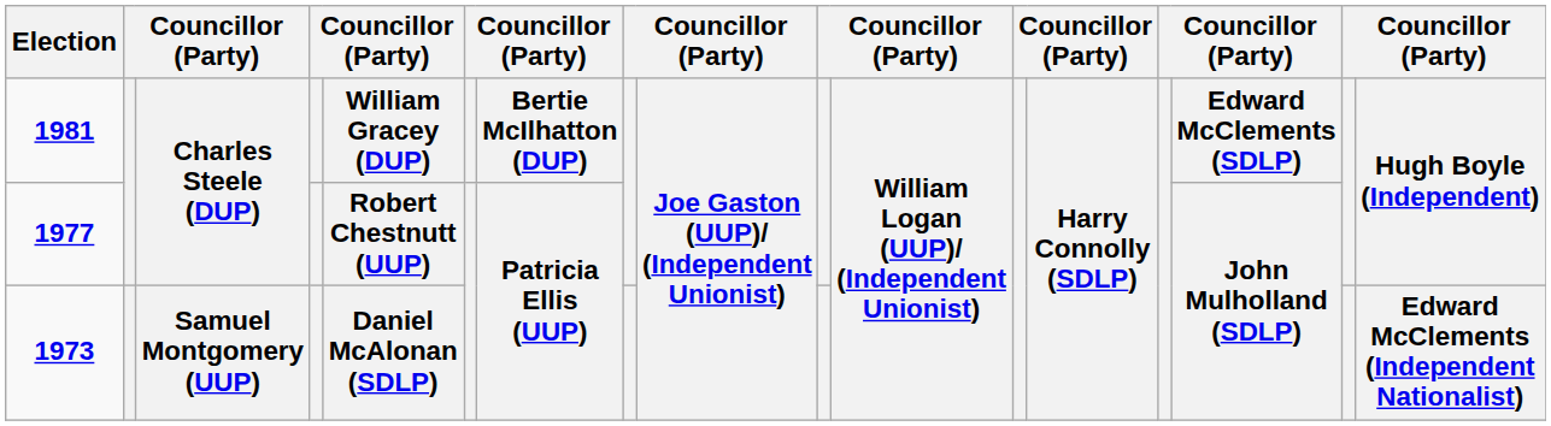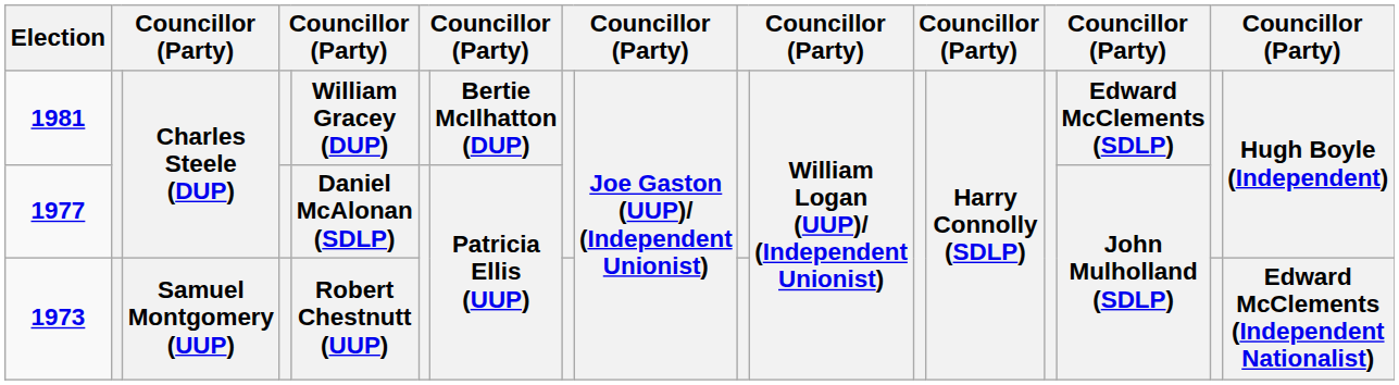 <table class="wikitable" style="text-align:center">
 <tr>
 <th scope="col" width="50">Election</th>
 <th scope="col" width="150" colspan = "2">Councillor<br> (Party)</th>
 <th scope="col" width="150" colspan = "2">Councillor<br> (Party)</th>
 <th scope="col" width="150" colspan = "2">Councillor<br> (Party)</th>
 <th scope="col" width="150" colspan = "2">Councillor<br> (Party)</th>
 <th scope="col" width="150" colspan = "2">Councillor<br> (Party)</th>
 <th scope="col" width="150" colspan = "2">Councillor<br> (Party)</th>
 <th scope="col" width="150" colspan = "2">Councillor<br> (Party)</th>
 <th scope="col" width="150" colspan = "2">Councillor<br> (Party)</th>
 </tr>
 <tr>
 <td><strong><a href='#'>1981</a></strong></td>
 <th rowspan="2" width="1" style="background-color: "></th>
 <th rowspan = "2">Charles Steele <br> (<a href='#'>DUP</a>)</th>
 <th rowspan="1" width="1" style="background-color: "></th>
 <th rowspan = "1">William Gracey <br> (<a href='#'>DUP</a>)</th>
 <th rowspan="1" width="1" style="background-color: "></th>
 <th rowspan = "1">Bertie McIlhatton <br> (<a href='#'>DUP</a>)</th>
 <th rowspan="2" width="1" style="background-color: "></th>
 <th rowspan = "3"><a href='#'>Joe Gaston</a> <br> (<a href='#'>UUP</a>)/ <br> (<a href='#'>Independent Unionist</a>)</th>
 <th rowspan="2" width="1" style="background-color: "></th>
 <th rowspan = "3">William Logan <br> (<a href='#'>UUP</a>)/ <br> (<a href='#'>Independent Unionist</a>)</th>
 <th rowspan="3" width="1" style="background-color: "></th>
 <th rowspan = "3">Harry Connolly <br> (<a href='#'>SDLP</a>)</th>
 <th rowspan="3" width="1" style="background-color: "></th>
 <th rowspan = "1">Edward McClements <br> (<a href='#'>SDLP</a>)</th>
 <th rowspan="2" width="1" style="background-color: "></th>
 <th rowspan = "2">Hugh Boyle <br> (<a href='#'>Independent</a>)</th>
 </tr>
 <tr>
 <td><strong><a href='#'>1977</a></strong></td>
 <th rowspan="1" width="1" style="background-color: "></th>
-<th rowspan = "1">Robert Chestnutt <br> (<a href='#'>UUP</a>)</th>
+<th rowspan = "1">Daniel McAlonan <br> (<a href='#'>SDLP</a>)</th>
 <th rowspan="2" width="1" style="background-color: "></th>
 <th rowspan = "2">Patricia Ellis <br> (<a href='#'>UUP</a>)</th>
 <th rowspan = "2">John Mulholland <br> (<a href='#'>SDLP</a>)</th>
 </tr>
 <tr>
 <td><strong><a href='#'>1973</a></strong></td>
 <th rowspan="1" width="1" style="background-color: "></th>
 <th rowspan = "1">Samuel Montgomery <br> (<a href='#'>UUP</a>)</th>
 <th rowspan="1" width="1" style="background-color: "></th>
-<th rowspan = "1">Daniel McAlonan <br> (<a href='#'>SDLP</a>)</th>
+<th rowspan = "1">Robert Chestnutt <br> (<a href='#'>UUP</a>)</th>
 <th rowspan="1" width="1" style="background-color: "></th>
 <th rowspan="1" width="1" style="background-color: "></th>
 <th rowspan="1" width="1" style="background-color: "></th>
 <th rowspan = "1">Edward McClements <br> (<a href='#'>Independent Nationalist</a>)</th>
 </tr>
 </table>
